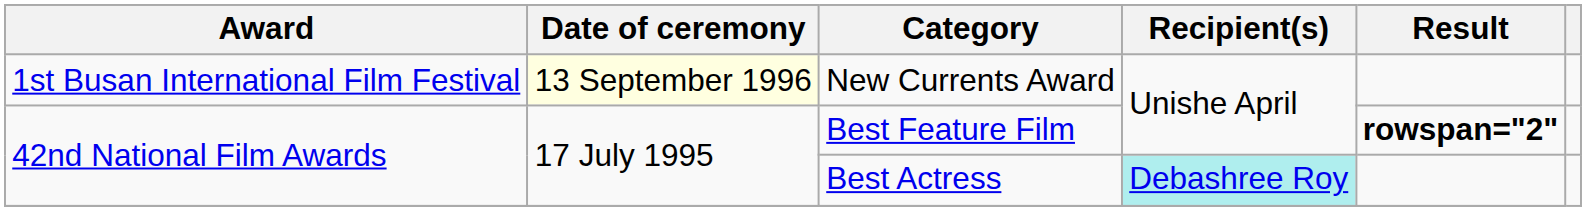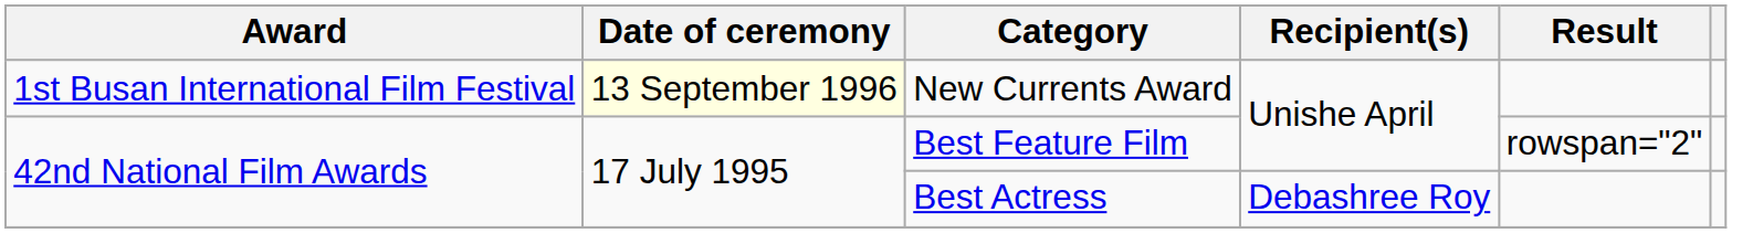 <table class="wikitable plainrowheaders sortable">
 <tr>
 <th scope="col">Award</th>
 <th scope="col">Date of ceremony</th>
 <th scope="col">Category</th>
 <th scope="col">Recipient(s)</th>
 <th scope="col" class="unsortable">Result</th>
 <th scope="col" class="unsortable"></th>
 </tr>
 <tr>
 <td><a href='#'>1st Busan International Film Festival</a></td>
 <td style="background: lightyellow;">13 September 1996</td>
 <td>New Currents Award</td>
 <td rowspan="2">Unishe April</td>
 <td></td>
 <td></td>
 </tr>
 <tr>
 <td rowspan="2"><a href='#'>42nd National Film Awards</a></td>
 <td rowspan="2">17 July 1995</td>
 <td><a href='#'>Best Feature Film</a></td>
-<td><strong>rowspan="2" </strong></td>
+<td>rowspan="2" </td>
 <td></td>
 </tr>
 <tr>
 <td><a href='#'>Best Actress</a></td>
-<td style="background: paleturquoise;"><a href='#'>Debashree Roy</a></td>
+<td><a href='#'>Debashree Roy</a></td>
 <td></td>
 </tr>
 <tr>
 </tr>
 </table>
